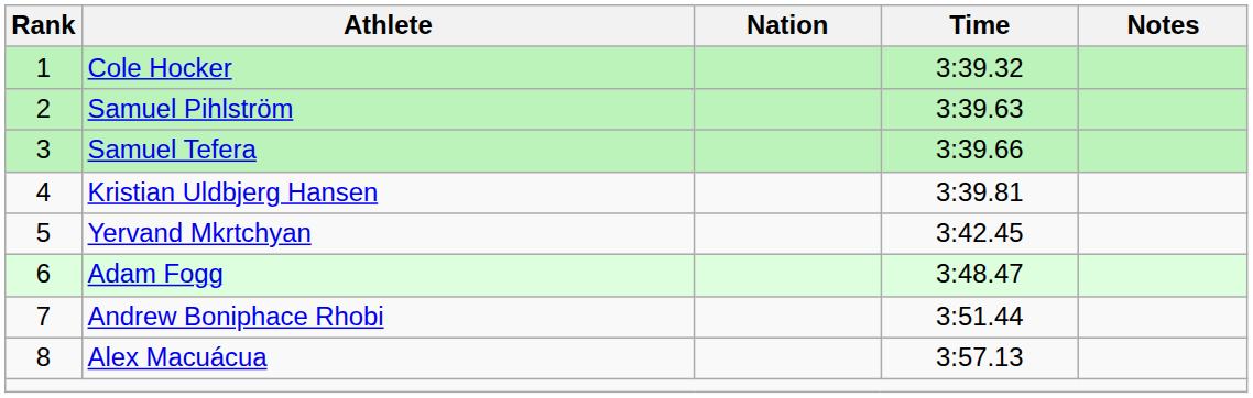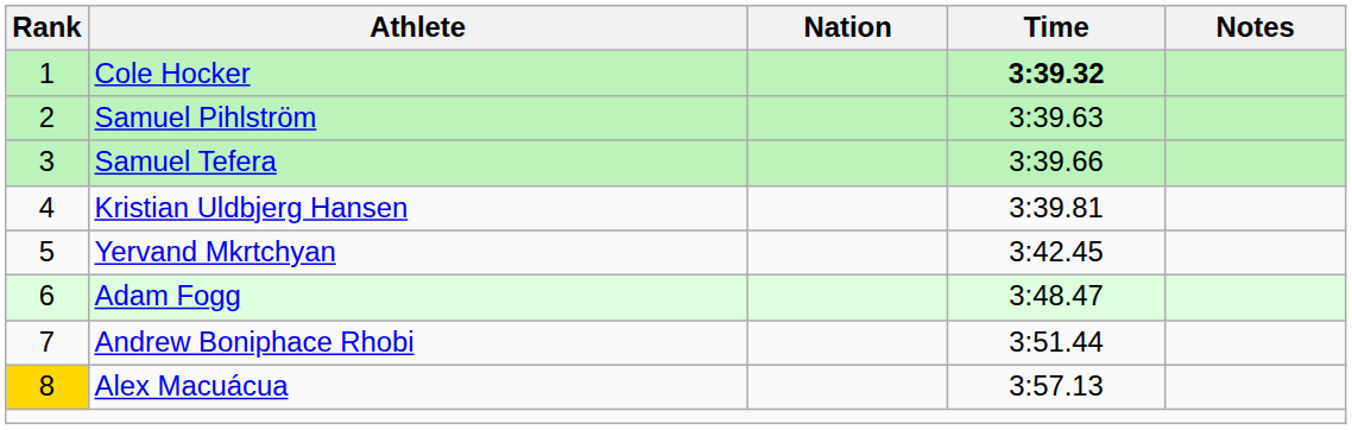 <table class="wikitable sortable" style="text-align:center;width: 60%;">
 <tr>
 <th scope="col" style="width: 10px;">Rank</th>
 <th scope="col">Athlete</th>
 <th scope="col">Nation</th>
 <th scope="col">Time</th>
 <th scope="col">Notes</th>
 </tr>
 <tr bgcolor=bbf3bb>
 <td>1</td>
 <td align=left><a href='#'>Cole Hocker</a></td>
 <td align=left></td>
-<td>3:39.32</td>
+<td><strong>3:39.32</strong></td>
 <td></td>
 </tr>
 <tr bgcolor=bbf3bb>
 <td>2</td>
 <td align=left><a href='#'>Samuel Pihlström</a></td>
 <td align=left></td>
 <td>3:39.63</td>
 <td></td>
 </tr>
 <tr bgcolor=bbf3bb>
 <td>3</td>
 <td align=left><a href='#'>Samuel Tefera</a></td>
 <td align=left></td>
 <td>3:39.66</td>
 <td></td>
 </tr>
 <tr>
 <td>4</td>
 <td align=left><a href='#'>Kristian Uldbjerg Hansen</a></td>
 <td align=left></td>
 <td>3:39.81</td>
 <td></td>
 </tr>
 <tr>
 <td>5</td>
 <td align=left><a href='#'>Yervand Mkrtchyan</a></td>
 <td align=left></td>
 <td>3:42.45</td>
 <td></td>
 </tr>
 <tr bgcolor=ddffdd>
 <td>6</td>
 <td align=left><a href='#'>Adam Fogg</a></td>
 <td align=left></td>
 <td>3:48.47</td>
 <td></td>
 </tr>
 <tr>
 <td>7</td>
 <td align=left><a href='#'>Andrew Boniphace Rhobi</a></td>
 <td align=left></td>
 <td>3:51.44</td>
 <td></td>
 </tr>
 <tr>
-<td>8</td>
+<td style="background: gold;">8</td>
 <td align=left><a href='#'>Alex Macuácua</a></td>
 <td align=left></td>
 <td>3:57.13</td>
 <td></td>
 </tr>
 <tr class="sortbottom">
 <td colspan="5"></td>
 </tr>
 </table>
